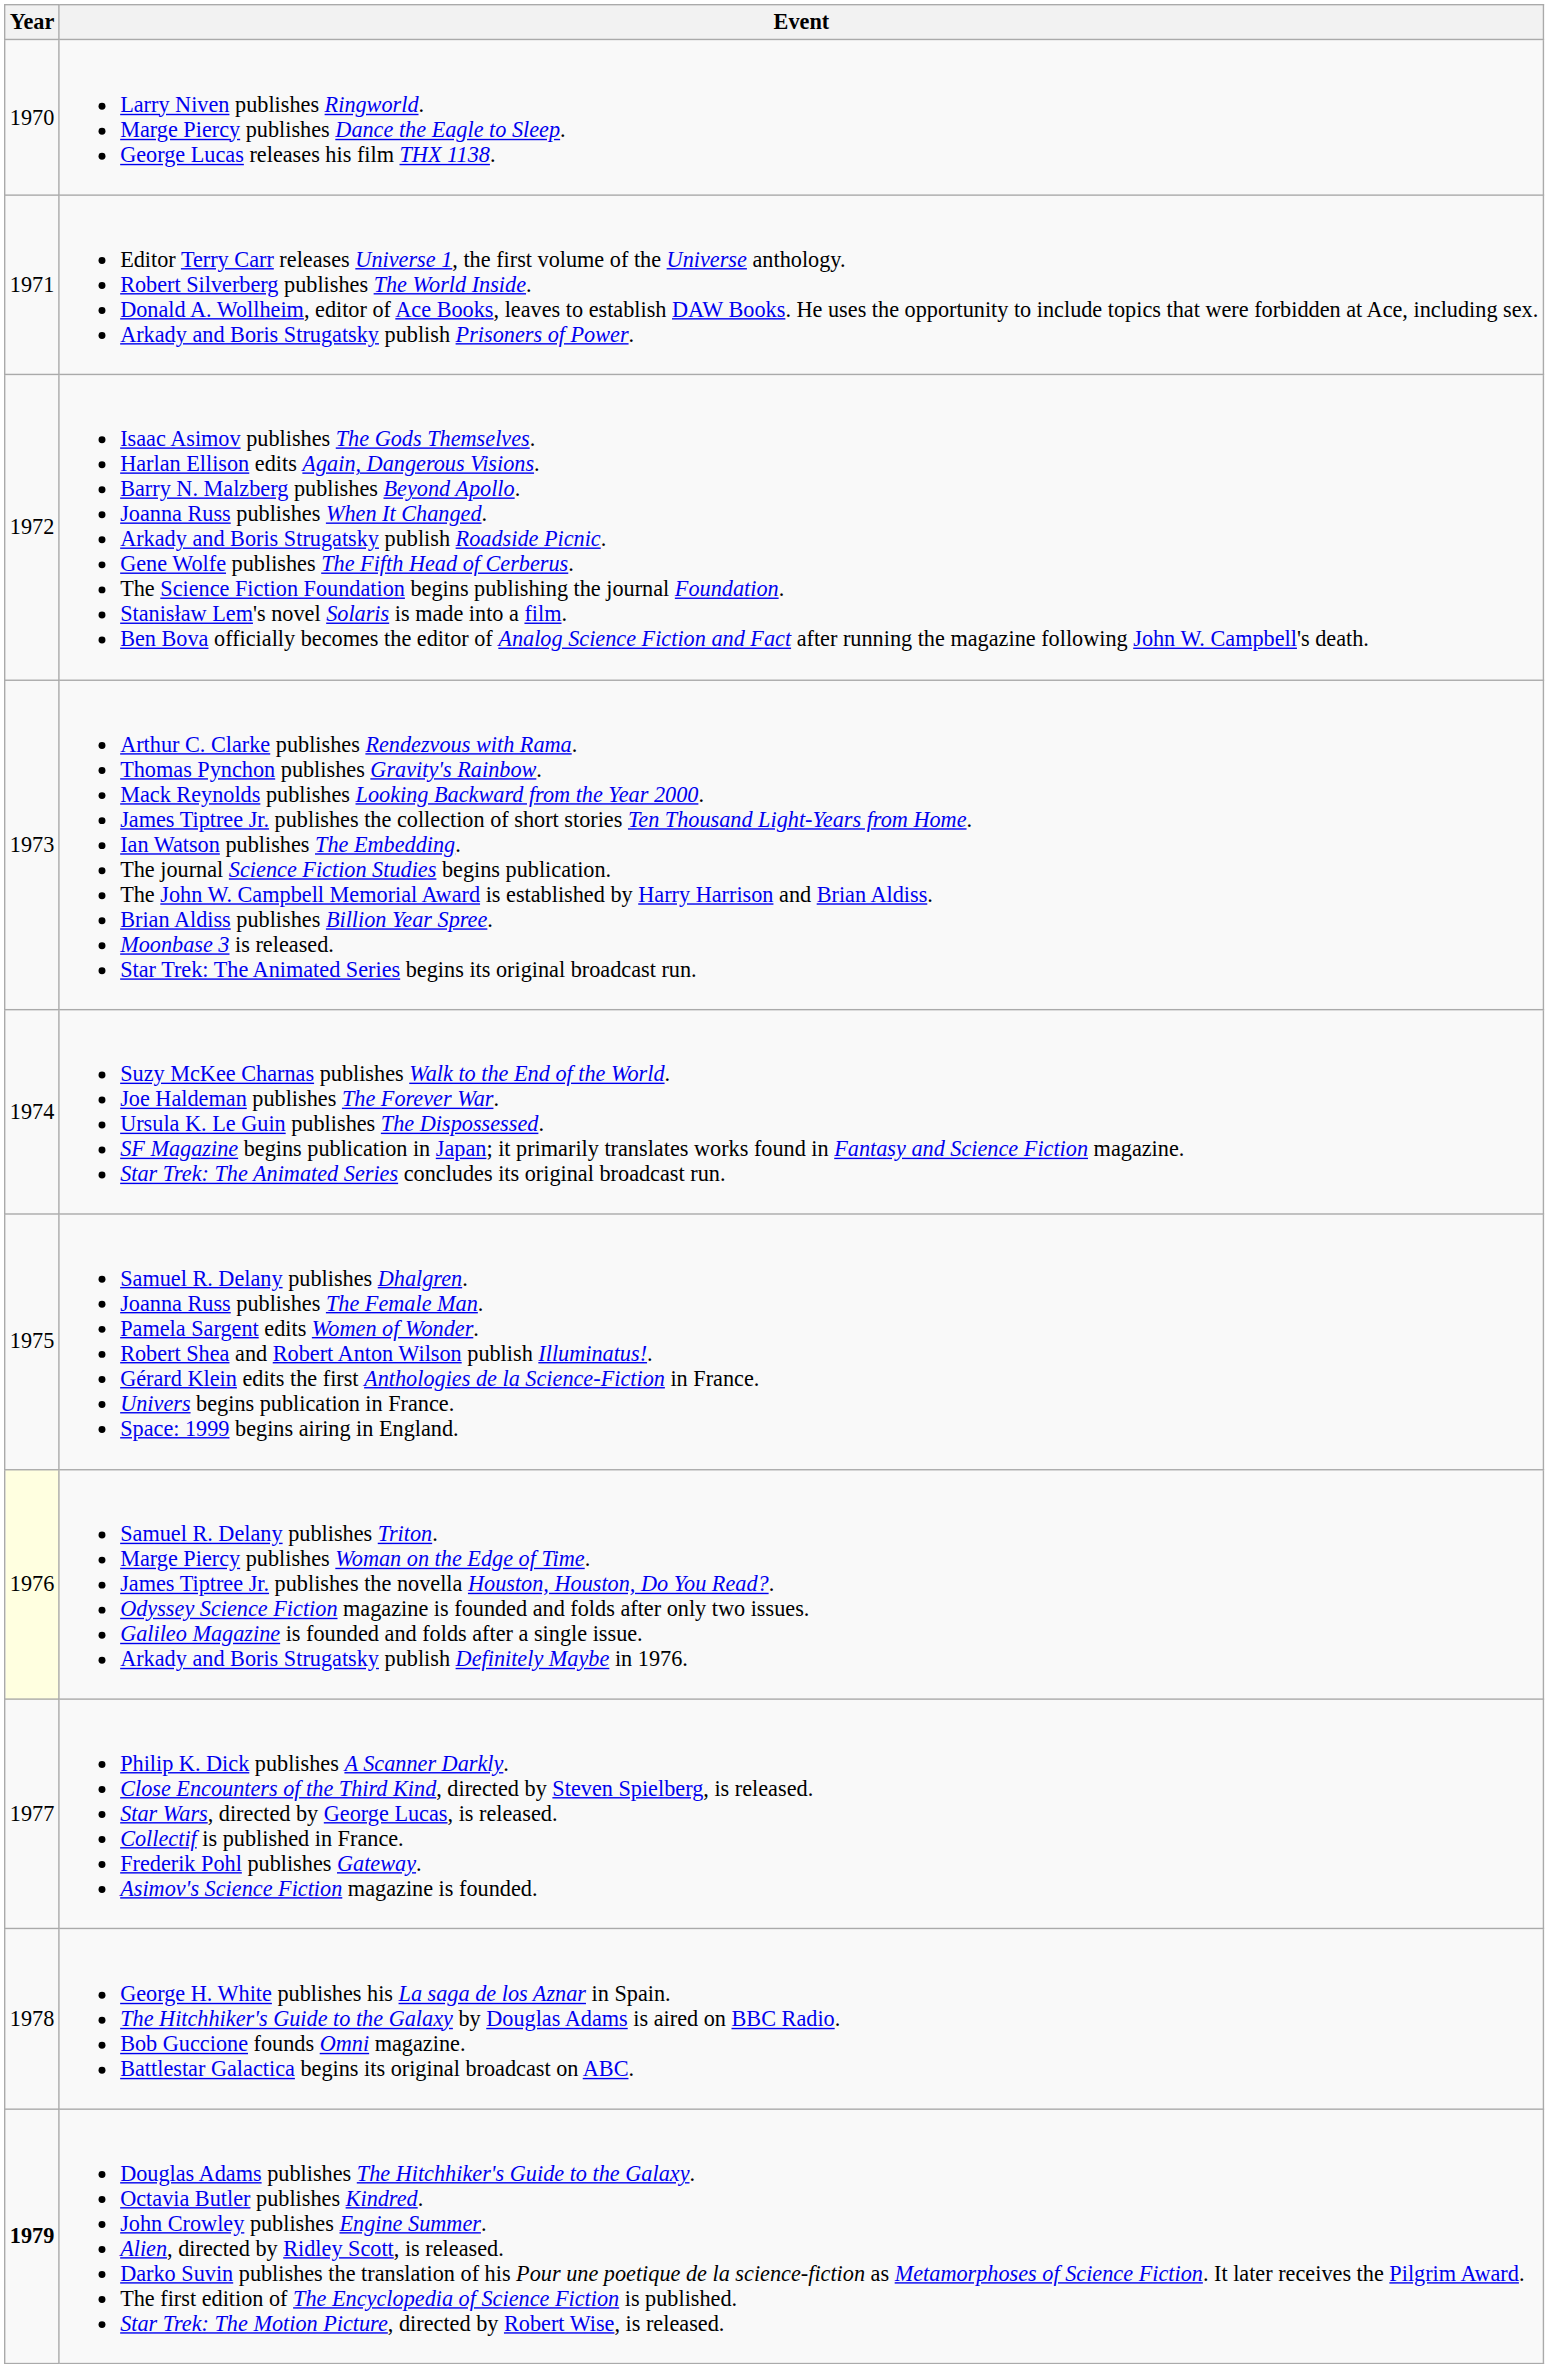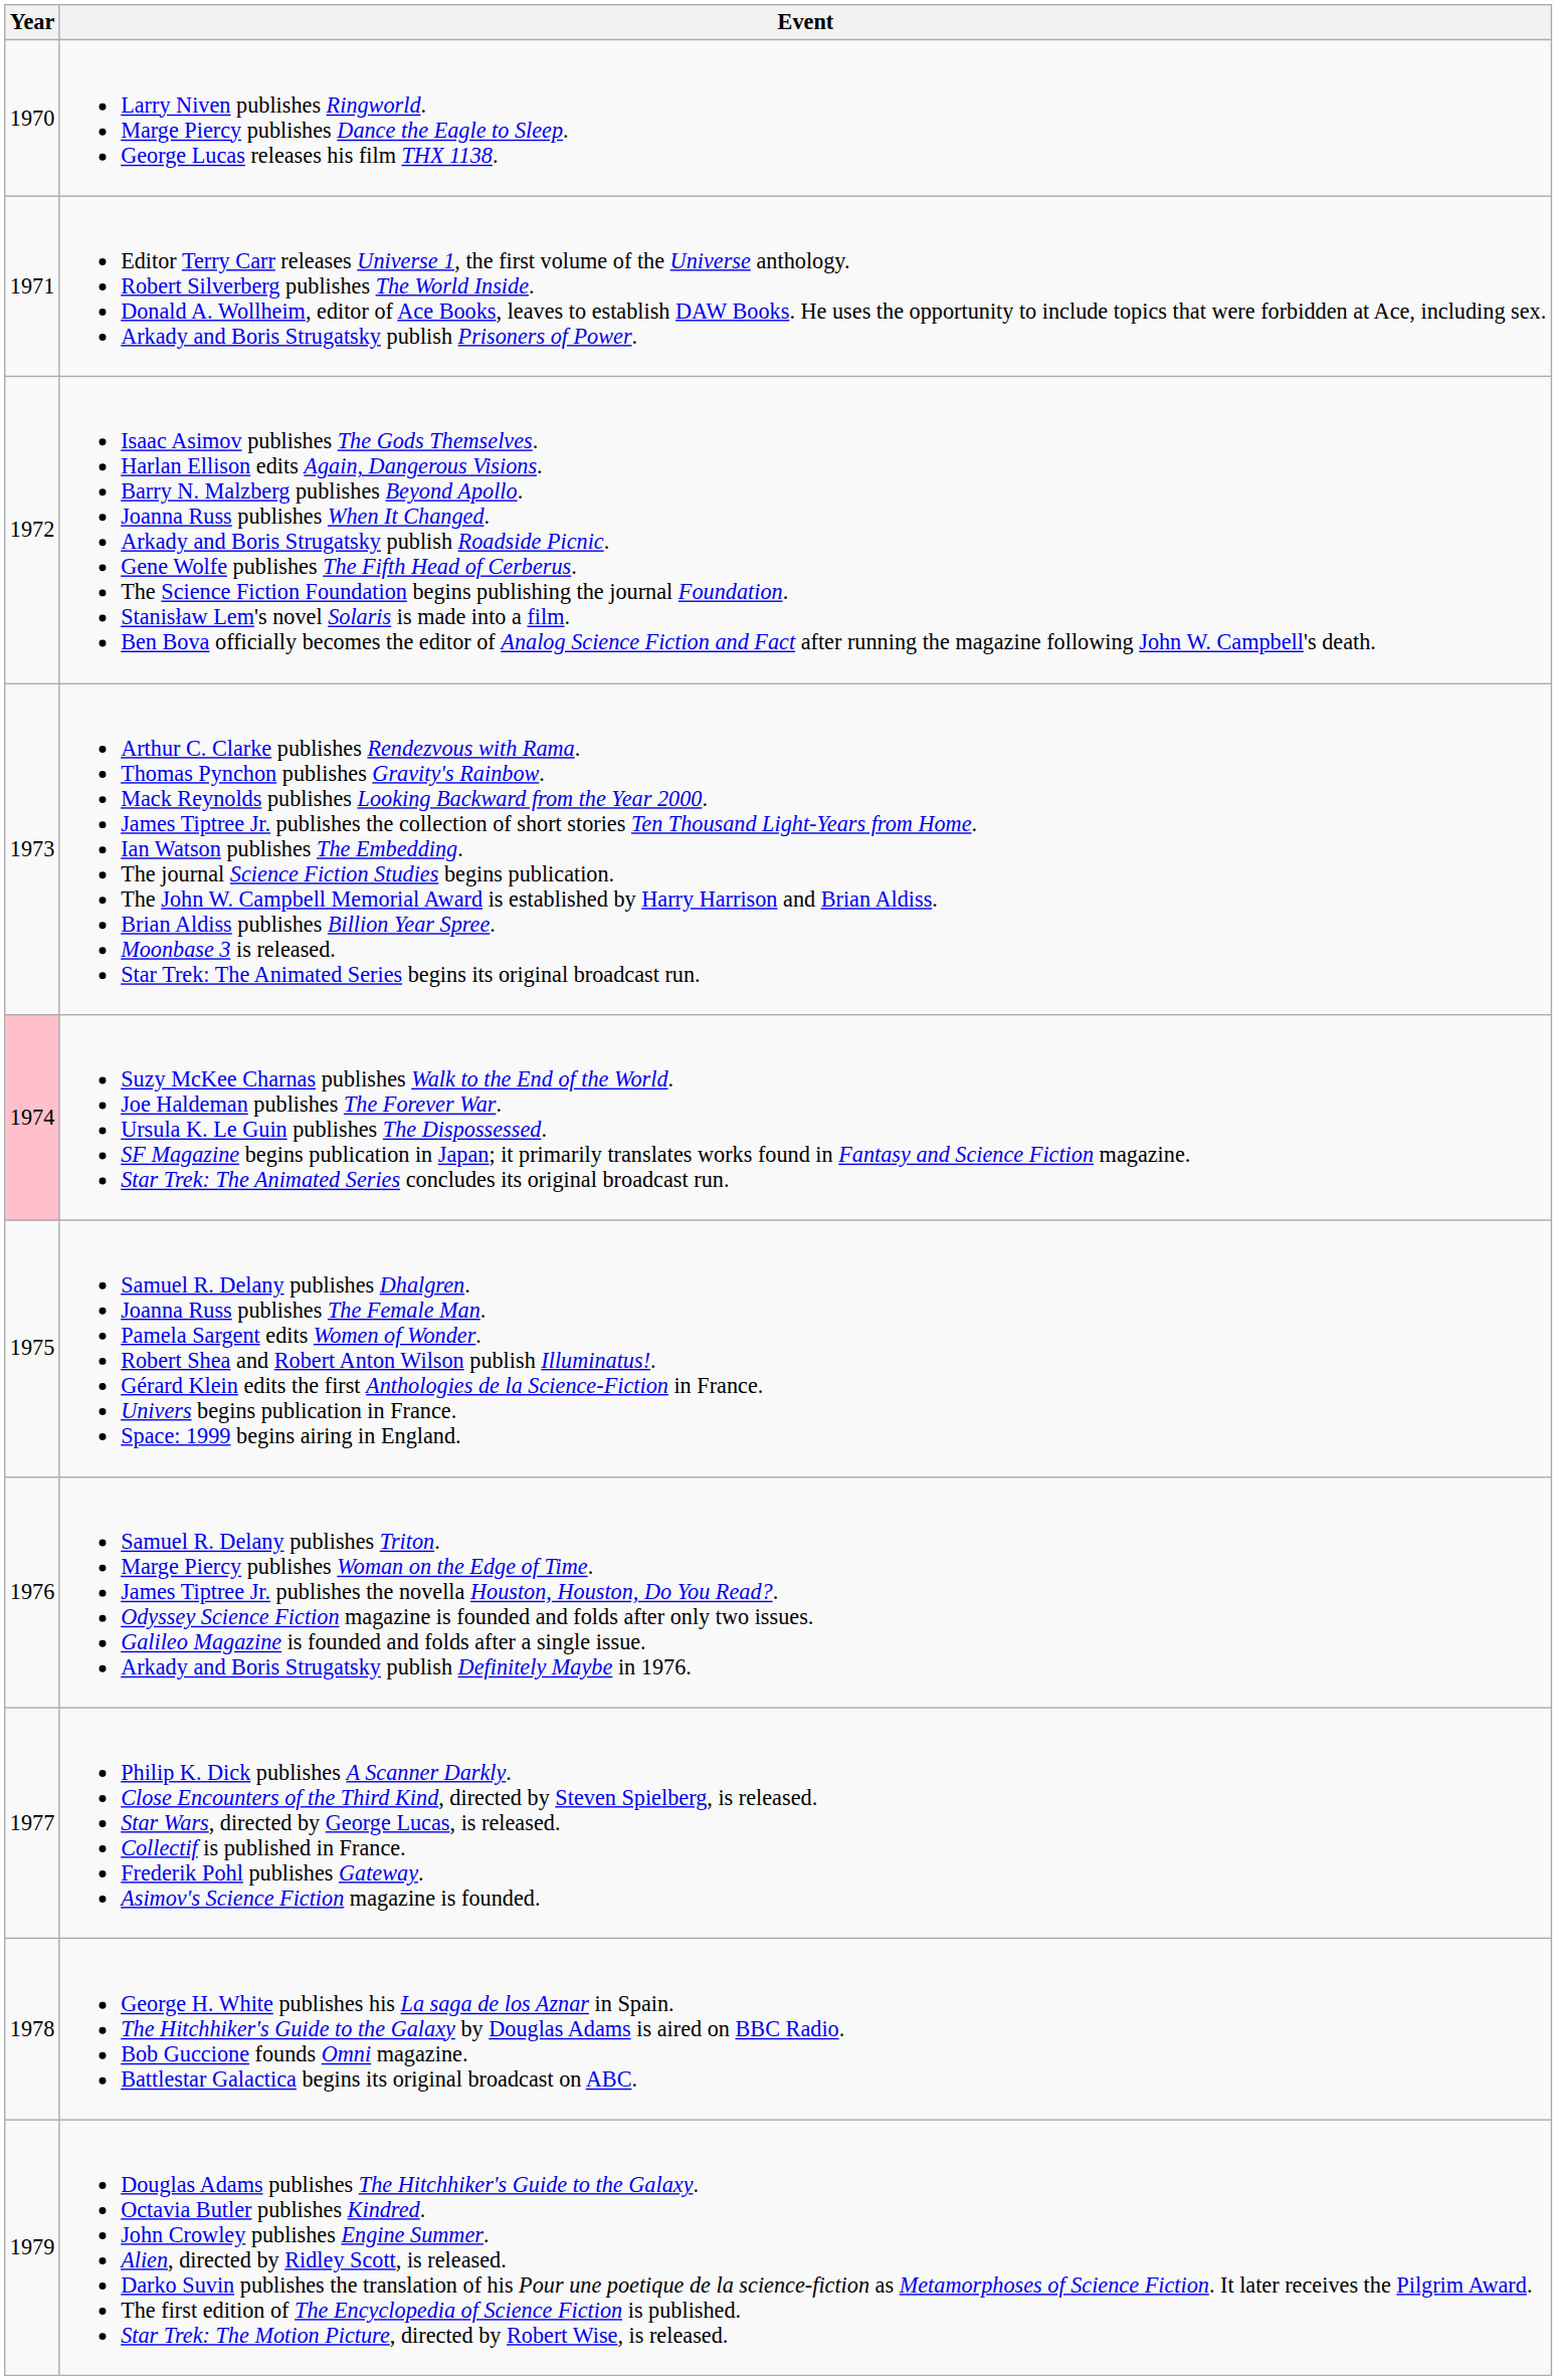 <table class="wikitable">
 <tr>
 <th scope="col">Year</th>
 <th scope="col">Event</th>
 </tr>
 <tr>
 <td>1970</td>
 <td><br><ul><li><a href='#'>Larry Niven</a> publishes <em><a href='#'>Ringworld</a></em>.</li><li><a href='#'>Marge Piercy</a> publishes <em><a href='#'>Dance the Eagle to Sleep</a></em>.</li><li><a href='#'>George Lucas</a> releases his film <em><a href='#'>THX 1138</a></em>.</li></ul></td>
 </tr>
 <tr>
 <td>1971</td>
 <td><br><ul><li>Editor <a href='#'>Terry Carr</a> releases <em><a href='#'>Universe 1</a></em>, the first volume of the <em><a href='#'>Universe</a></em> anthology.</li><li><a href='#'>Robert Silverberg</a> publishes <em><a href='#'>The World Inside</a></em>.</li><li><a href='#'>Donald A. Wollheim</a>, editor of <a href='#'>Ace Books</a>, leaves to establish <a href='#'>DAW Books</a>. He uses the opportunity to include topics that were forbidden at Ace, including sex.</li><li><a href='#'>Arkady and Boris Strugatsky</a> publish <em><a href='#'>Prisoners of Power</a></em>.</li></ul></td>
 </tr>
 <tr>
 <td>1972</td>
 <td><br><ul><li><a href='#'>Isaac Asimov</a> publishes <em><a href='#'>The Gods Themselves</a></em>.</li><li><a href='#'>Harlan Ellison</a> edits <em><a href='#'>Again, Dangerous Visions</a></em>.</li><li><a href='#'>Barry N. Malzberg</a> publishes <em><a href='#'>Beyond Apollo</a></em>.</li><li><a href='#'>Joanna Russ</a> publishes <em><a href='#'>When It Changed</a></em>.</li><li><a href='#'>Arkady and Boris Strugatsky</a> publish <em><a href='#'>Roadside Picnic</a></em>.</li><li><a href='#'>Gene Wolfe</a> publishes <em><a href='#'>The Fifth Head of Cerberus</a></em>.</li><li>The <a href='#'>Science Fiction Foundation</a> begins publishing the journal <em><a href='#'>Foundation</a></em>.</li><li><a href='#'>Stanisław Lem</a>'s novel <em><a href='#'>Solaris</a></em> is made into a <a href='#'>film</a>.</li><li><a href='#'>Ben Bova</a> officially becomes the editor of <em><a href='#'>Analog Science Fiction and Fact</a></em> after running the magazine following <a href='#'>John W. Campbell</a>'s death.</li></ul></td>
 </tr>
 <tr>
 <td>1973</td>
 <td><br><ul><li><a href='#'>Arthur C. Clarke</a> publishes <em><a href='#'>Rendezvous with Rama</a></em>.</li><li><a href='#'>Thomas Pynchon</a> publishes <em><a href='#'>Gravity's Rainbow</a></em>.</li><li><a href='#'>Mack Reynolds</a> publishes <em><a href='#'>Looking Backward from the Year 2000</a></em>.</li><li><a href='#'>James Tiptree Jr.</a> publishes the collection of short stories <em><a href='#'>Ten Thousand Light-Years from Home</a></em>.</li><li><a href='#'>Ian Watson</a> publishes <em><a href='#'>The Embedding</a></em>.</li><li>The journal <em><a href='#'>Science Fiction Studies</a></em> begins publication.</li><li>The <a href='#'>John W. Campbell Memorial Award</a> is established by <a href='#'>Harry Harrison</a> and <a href='#'>Brian Aldiss</a>.</li><li><a href='#'>Brian Aldiss</a> publishes <em><a href='#'>Billion Year Spree</a></em>.</li><li><em><a href='#'>Moonbase 3</a></em> is released.</li><li><a href='#'>Star Trek: The Animated Series</a> begins its original broadcast run.</li></ul></td>
 </tr>
 <tr>
-<td>1974</td>
+<td style="background: pink;">1974</td>
 <td><br><ul><li><a href='#'>Suzy McKee Charnas</a> publishes <em><a href='#'>Walk to the End of the World</a></em>.</li><li><a href='#'>Joe Haldeman</a> publishes <em><a href='#'>The Forever War</a></em>.</li><li><a href='#'>Ursula K. Le Guin</a> publishes <em><a href='#'>The Dispossessed</a></em>.</li><li><em><a href='#'>SF Magazine</a></em> begins publication in <a href='#'>Japan</a>; it primarily translates works found in <em><a href='#'>Fantasy and Science Fiction</a></em> magazine.</li><li><em><a href='#'>Star Trek: The Animated Series</a></em> concludes its original broadcast run.</li></ul></td>
 </tr>
 <tr>
 <td>1975</td>
 <td><br><ul><li><a href='#'>Samuel R. Delany</a> publishes <em><a href='#'>Dhalgren</a></em>.</li><li><a href='#'>Joanna Russ</a> publishes <em><a href='#'>The Female Man</a></em>.</li><li><a href='#'>Pamela Sargent</a> edits <em><a href='#'>Women of Wonder</a></em>.</li><li><a href='#'>Robert Shea</a> and <a href='#'>Robert Anton Wilson</a> publish <em><a href='#'>Illuminatus!</a></em>.</li><li><a href='#'>Gérard Klein</a> edits the first <em><a href='#'>Anthologies de la Science-Fiction</a></em> in France.</li><li><em><a href='#'>Univers</a></em> begins publication in France.</li><li><a href='#'>Space: 1999</a> begins airing in England.</li></ul></td>
 </tr>
 <tr>
-<td style="background: lightyellow;">1976</td>
+<td>1976</td>
 <td><br><ul><li><a href='#'>Samuel R. Delany</a> publishes <em><a href='#'>Triton</a></em>.</li><li><a href='#'>Marge Piercy</a> publishes <em><a href='#'>Woman on the Edge of Time</a></em>.</li><li><a href='#'>James Tiptree Jr.</a> publishes the novella <em><a href='#'>Houston, Houston, Do You Read?</a></em>.</li><li><em><a href='#'>Odyssey Science Fiction</a></em> magazine is founded and folds after only two issues.</li><li><em><a href='#'>Galileo Magazine</a></em> is founded and folds after a single issue.</li><li><a href='#'>Arkady and Boris Strugatsky</a> publish <em><a href='#'>Definitely Maybe</a></em> in 1976.</li></ul></td>
 </tr>
 <tr>
 <td>1977</td>
 <td><br><ul><li><a href='#'>Philip K. Dick</a> publishes <em><a href='#'>A Scanner Darkly</a></em>.</li><li><em><a href='#'>Close Encounters of the Third Kind</a></em>, directed by <a href='#'>Steven Spielberg</a>, is released.</li><li><em><a href='#'>Star Wars</a></em>, directed by <a href='#'>George Lucas</a>, is released.</li><li><em><a href='#'>Collectif</a></em> is published in France.</li><li><a href='#'>Frederik Pohl</a> publishes <em><a href='#'>Gateway</a></em>.</li><li><em><a href='#'>Asimov's Science Fiction</a></em> magazine is founded.</li></ul></td>
 </tr>
 <tr>
 <td>1978</td>
 <td><br><ul><li><a href='#'>George H. White</a> publishes his <em><a href='#'>La saga de los Aznar</a></em> in Spain.</li><li><em><a href='#'>The Hitchhiker's Guide to the Galaxy</a></em> by <a href='#'>Douglas Adams</a> is aired on <a href='#'>BBC Radio</a>.</li><li><a href='#'>Bob Guccione</a> founds <em><a href='#'>Omni</a></em> magazine.</li><li><a href='#'>Battlestar Galactica</a> begins its original broadcast on <a href='#'>ABC</a>.</li></ul></td>
 </tr>
 <tr>
-<td><strong>1979</strong></td>
+<td>1979</td>
 <td><br><ul><li><a href='#'>Douglas Adams</a> publishes <em><a href='#'>The Hitchhiker's Guide to the Galaxy</a></em>.</li><li><a href='#'>Octavia Butler</a> publishes <em><a href='#'>Kindred</a></em>.</li><li><a href='#'>John Crowley</a> publishes <em><a href='#'>Engine Summer</a></em>.</li><li><em><a href='#'>Alien</a></em>, directed by <a href='#'>Ridley Scott</a>, is released.</li><li><a href='#'>Darko Suvin</a> publishes the translation of his <em>Pour une poetique de la science-fiction</em> as <em><a href='#'>Metamorphoses of Science Fiction</a></em>. It later receives the <a href='#'>Pilgrim Award</a>.</li><li>The first edition of <em><a href='#'>The Encyclopedia of Science Fiction</a></em> is published.</li><li><em><a href='#'>Star Trek: The Motion Picture</a></em>, directed by <a href='#'>Robert Wise</a>, is released.</li></ul></td>
 </tr>
 </table>
